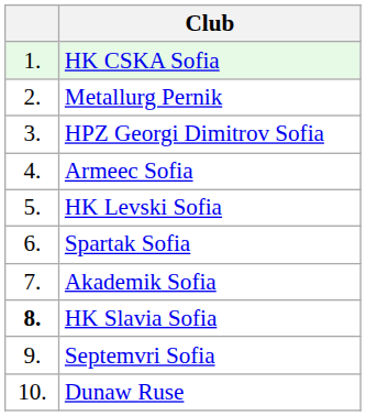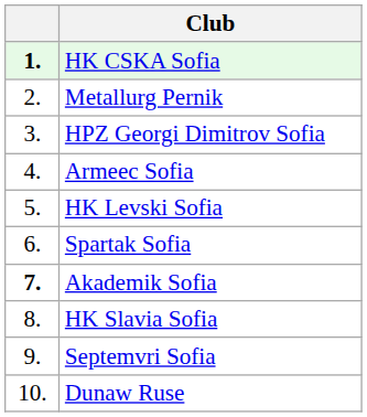 <table class="wikitable">
 <tr>
 <th width="30"></th>
 <th width="200">Club</th>
 </tr>
 <tr bgcolor="#e6fae6" align="center">
-<td>1.</td>
+<td><strong>1.</strong></td>
 <td align="left"><a href='#'>HK CSKA Sofia</a></td>
 </tr>
 <tr bgcolor="#FFFFFF" align="center">
 <td>2.</td>
 <td align="left"><a href='#'>Metallurg Pernik</a></td>
 </tr>
 <tr bgcolor="#FFFFFF" align="center">
 <td>3.</td>
 <td align="left"><a href='#'>HPZ Georgi Dimitrov Sofia</a></td>
 </tr>
 <tr bgcolor="#FFFFFF" align="center">
 <td>4.</td>
 <td align="left"><a href='#'>Armeec Sofia</a></td>
 </tr>
 <tr bgcolor="#FFFFFF" align="center">
 <td>5.</td>
 <td align="left"><a href='#'>HK Levski Sofia</a></td>
 </tr>
 <tr bgcolor="#FFFFFF" align="center">
 <td>6.</td>
 <td align="left"><a href='#'>Spartak Sofia</a></td>
 </tr>
 <tr bgcolor="#FFFFFF" align="center">
-<td>7.</td>
+<td><strong>7.</strong></td>
 <td align="left"><a href='#'>Akademik Sofia</a></td>
 </tr>
 <tr bgcolor="#FFFFFF" align="center">
-<td><strong>8.</strong></td>
+<td>8.</td>
 <td align="left"><a href='#'>HK Slavia Sofia</a></td>
 </tr>
 <tr bgcolor="#FFFFFF" align="center">
 <td>9.</td>
 <td align="left"><a href='#'>Septemvri Sofia</a></td>
 </tr>
 <tr bgcolor="#FFFFFF" align="center">
 <td>10.</td>
 <td align="left"><a href='#'>Dunaw Ruse</a></td>
 </tr>
 </table>
